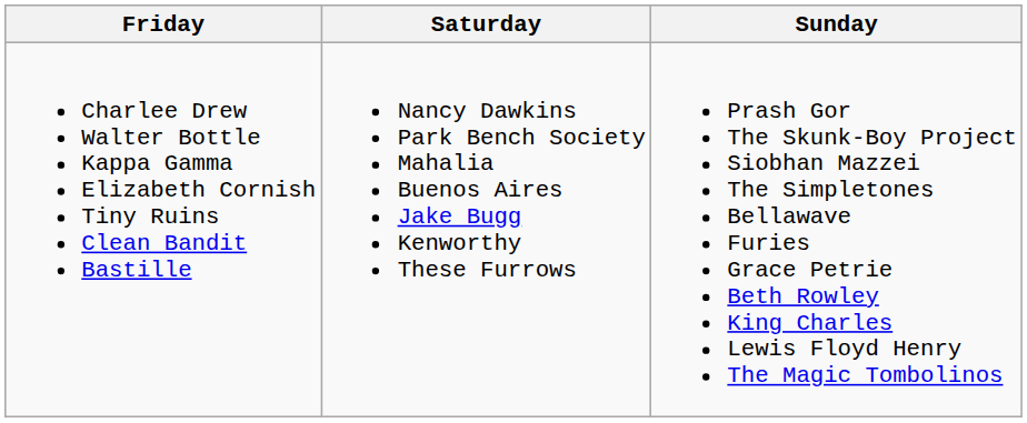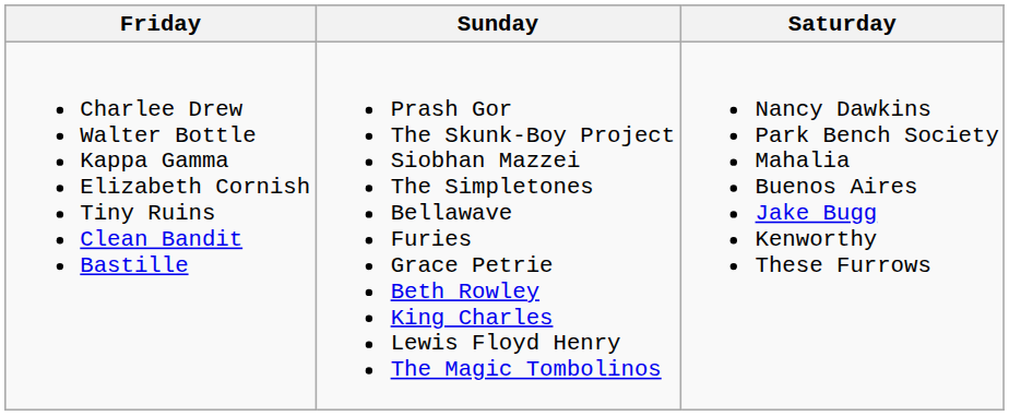 <table class="wikitable">
 <tr>
 <th>Friday</th>
+<th>Sunday</th>
 <th>Saturday</th>
-<th>Sunday</th>
 </tr>
 <tr>
 <td valign=top><br><ul><li>Charlee Drew</li><li>Walter Bottle</li><li>Kappa Gamma</li><li>Elizabeth Cornish</li><li>Tiny Ruins</li><li><a href='#'>Clean Bandit</a></li><li><a href='#'>Bastille</a></li></ul></td>
+<td valign=top><br><ul><li>Prash Gor</li><li>The Skunk-Boy Project</li><li>Siobhan Mazzei</li><li>The Simpletones</li><li>Bellawave</li><li>Furies</li><li>Grace Petrie</li><li><a href='#'>Beth Rowley</a></li><li><a href='#'>King Charles</a></li><li>Lewis Floyd Henry</li><li><a href='#'>The Magic Tombolinos</a></li></ul></td>
 <td valign=top><br><ul><li>Nancy Dawkins</li><li>Park Bench Society</li><li>Mahalia</li><li>Buenos Aires</li><li><a href='#'>Jake Bugg</a></li><li>Kenworthy</li><li>These Furrows</li></ul></td>
-<td valign=top><br><ul><li>Prash Gor</li><li>The Skunk-Boy Project</li><li>Siobhan Mazzei</li><li>The Simpletones</li><li>Bellawave</li><li>Furies</li><li>Grace Petrie</li><li><a href='#'>Beth Rowley</a></li><li><a href='#'>King Charles</a></li><li>Lewis Floyd Henry</li><li><a href='#'>The Magic Tombolinos</a></li></ul></td>
 </tr>
 </table>
